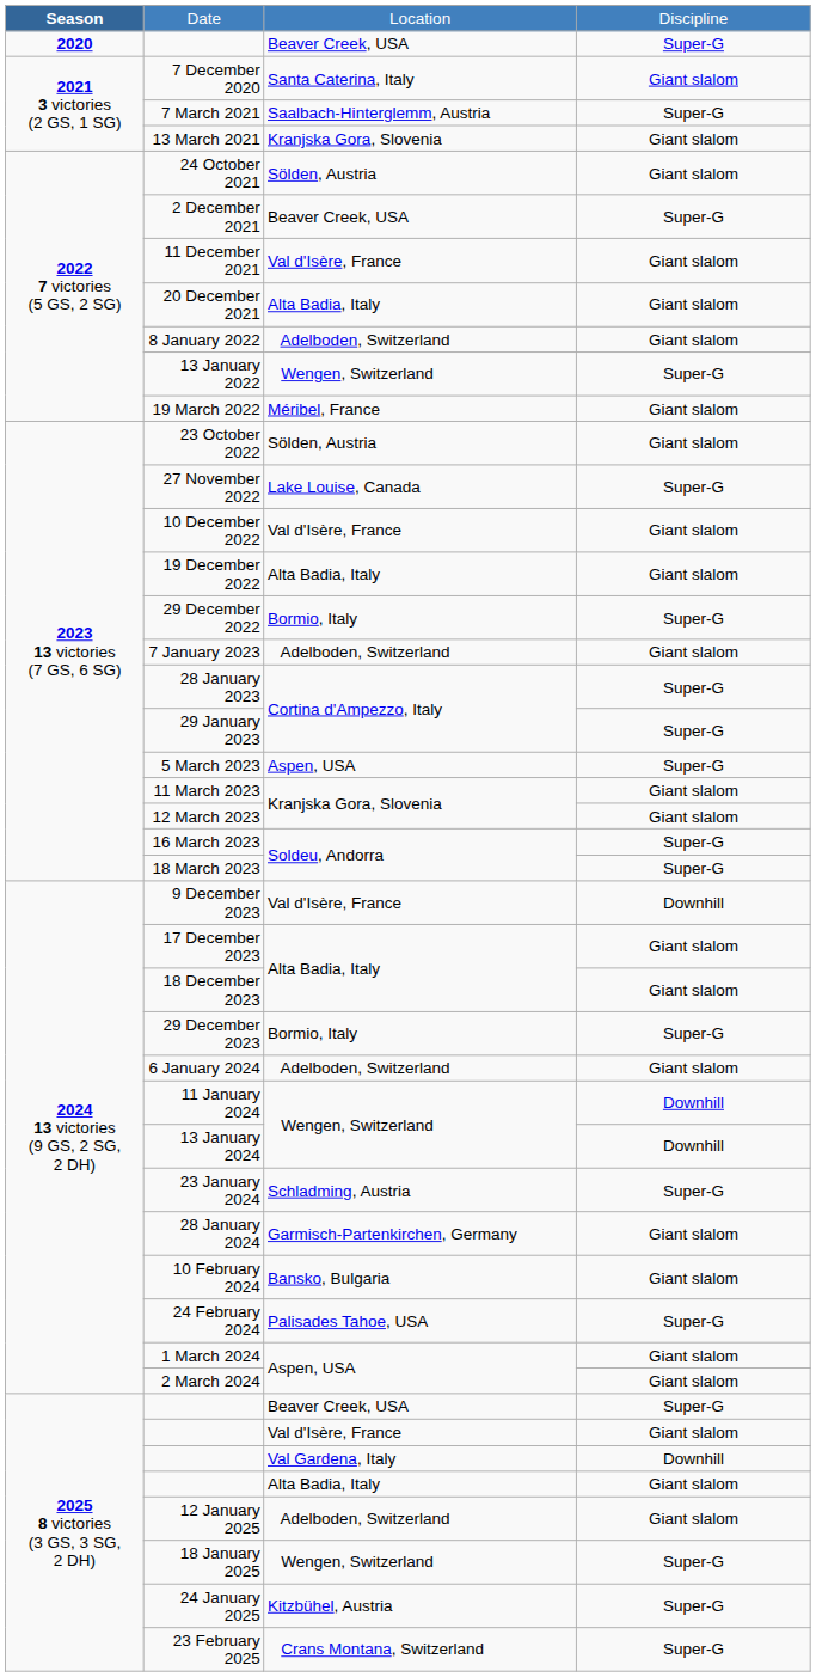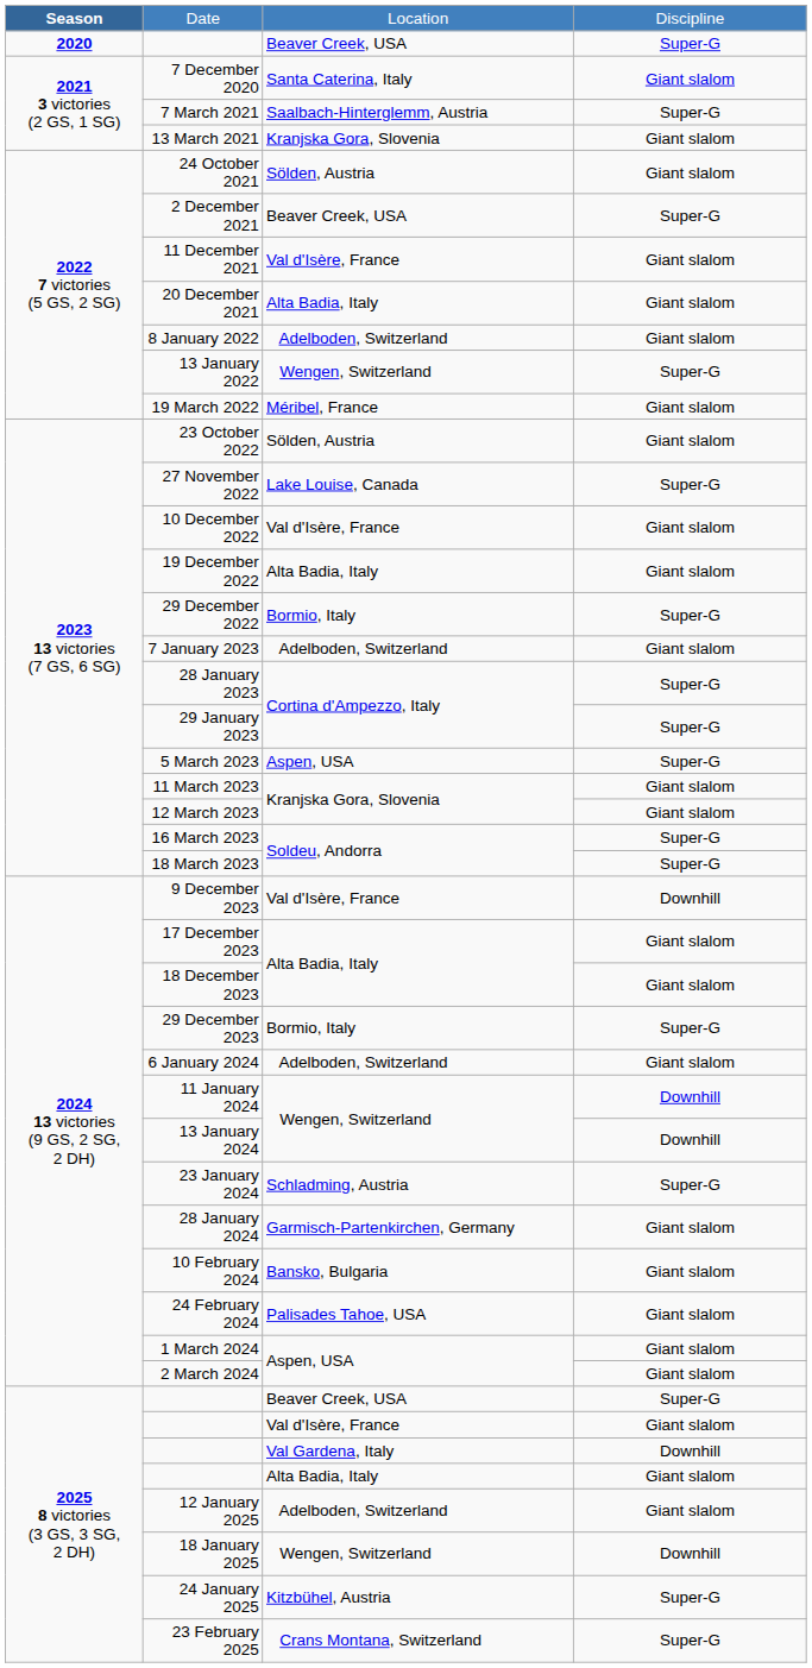 <table class="wikitable" style="font-size:95%; text-align:center; border:grey solid 1px; border-collapse:collapse;" width="60%">
 <tr style="background-color:#369; color:white;">
 <td rowspan="2" colspan="1" width="5%"><strong>Season</strong></td>
 </tr>
 <tr style="background-color:#4180be; color:white;">
 <td width="5%">Date</td>
 <td width="20%">Location</td>
 <td width="15%">Discipline</td>
 </tr>
 <tr>
 <td><strong><a href='#'>2020</a></strong><br></td>
 <td align=right></td>
 <td align=left> <a href='#'>Beaver Creek</a>, USA</td>
 <td><a href='#'>Super-G</a></td>
 </tr>
 <tr>
 <td rowspan="3"><strong><a href='#'>2021</a></strong><br><strong>3</strong> victories (2 GS, 1 SG)</td>
 <td align=right>7 December 2020</td>
 <td align=left> <a href='#'>Santa Caterina</a>, Italy</td>
 <td><a href='#'>Giant slalom</a></td>
 </tr>
 <tr>
 <td align=right>7 March 2021</td>
 <td align=left> <a href='#'>Saalbach-Hinterglemm</a>, Austria</td>
 <td>Super-G</td>
 </tr>
 <tr>
 <td align=right>13 March 2021</td>
 <td align=left> <a href='#'>Kranjska Gora</a>, Slovenia</td>
 <td>Giant slalom</td>
 </tr>
 <tr>
 <td rowspan="7"><strong><a href='#'>2022</a></strong><br><strong>7</strong> victories (5 GS, 2 SG)</td>
 <td align=right>24 October 2021</td>
 <td align=left> <a href='#'>Sölden</a>, Austria</td>
 <td>Giant slalom</td>
 </tr>
 <tr>
 <td align=right>2 December 2021</td>
 <td align=left> Beaver Creek, USA</td>
 <td>Super-G</td>
 </tr>
 <tr>
 <td align=right>11 December 2021</td>
 <td align=left> <a href='#'>Val d'Isère</a>, France</td>
 <td>Giant slalom</td>
 </tr>
 <tr>
 <td align=right>20 December 2021</td>
 <td align=left> <a href='#'>Alta Badia</a>, Italy</td>
 <td>Giant slalom</td>
 </tr>
 <tr>
 <td align=right>8 January 2022</td>
 <td align=left>   <a href='#'>Adelboden</a>, Switzerland</td>
 <td>Giant slalom</td>
 </tr>
 <tr>
 <td align=right>13 January 2022</td>
 <td align=left>   <a href='#'>Wengen</a>, Switzerland</td>
 <td>Super-G</td>
 </tr>
 <tr>
 <td align=right>19 March 2022</td>
 <td align=left> <a href='#'>Méribel</a>, France</td>
 <td>Giant slalom</td>
 </tr>
 <tr>
 <td rowspan="13"><strong><a href='#'>2023</a></strong><br><strong>13</strong> victories (7 GS, 6 SG)</td>
 <td align=right>23 October 2022</td>
 <td align=left> Sölden, Austria</td>
 <td>Giant slalom</td>
 </tr>
 <tr>
 <td align=right>27 November 2022</td>
 <td align=left> <a href='#'>Lake Louise</a>, Canada</td>
 <td>Super-G</td>
 </tr>
 <tr>
 <td align=right>10 December 2022</td>
 <td align=left> Val d'Isère, France</td>
 <td>Giant slalom</td>
 </tr>
 <tr>
 <td align=right>19 December 2022</td>
 <td align=left> Alta Badia, Italy</td>
 <td>Giant slalom</td>
 </tr>
 <tr>
 <td align=right>29 December 2022</td>
 <td align=left> <a href='#'>Bormio</a>, Italy</td>
 <td>Super-G</td>
 </tr>
 <tr>
 <td align=right>7 January 2023</td>
 <td align=left>   Adelboden, Switzerland</td>
 <td>Giant slalom</td>
 </tr>
 <tr>
 <td align=right>28 January 2023</td>
 <td align=left rowspan="2"> <a href='#'>Cortina d'Ampezzo</a>, Italy</td>
 <td>Super-G</td>
 </tr>
 <tr>
 <td align=right>29 January 2023</td>
 <td>Super-G</td>
 </tr>
 <tr>
 <td align=right>5 March 2023</td>
 <td align=left> <a href='#'>Aspen</a>, USA</td>
 <td>Super-G</td>
 </tr>
 <tr>
 <td align=right>11 March 2023</td>
 <td align=left rowspan="2"> Kranjska Gora, Slovenia</td>
 <td>Giant slalom</td>
 </tr>
 <tr>
 <td align=right>12 March 2023</td>
 <td>Giant slalom</td>
 </tr>
 <tr>
 <td align=right>16 March 2023</td>
 <td align=left rowspan="2"> <a href='#'>Soldeu</a>, Andorra</td>
 <td>Super-G</td>
 </tr>
 <tr>
 <td align=right>18 March 2023</td>
 <td>Super-G</td>
 </tr>
 <tr>
 <td rowspan="13"><strong><a href='#'>2024</a></strong><br><strong>13</strong> victories (9 GS, 2 SG, 2 DH)</td>
 <td align=right>9 December 2023</td>
 <td align=left> Val d'Isère, France</td>
 <td>Downhill</td>
 </tr>
 <tr>
 <td align=right>17 December 2023</td>
 <td align=left rowspan="2"> Alta Badia, Italy</td>
 <td>Giant slalom</td>
 </tr>
 <tr>
 <td align=right>18 December 2023</td>
 <td>Giant slalom</td>
 </tr>
 <tr>
 <td align=right>29 December 2023</td>
 <td align=left> Bormio, Italy</td>
 <td>Super-G</td>
 </tr>
 <tr>
 <td align=right>6 January 2024</td>
 <td align=left>   Adelboden, Switzerland</td>
 <td>Giant slalom</td>
 </tr>
 <tr>
 <td align=right>11 January 2024</td>
 <td align=left rowspan="2">   Wengen, Switzerland</td>
 <td><a href='#'>Downhill</a></td>
 </tr>
 <tr>
 <td align=right>13 January 2024</td>
 <td>Downhill</td>
 </tr>
 <tr>
 <td align=right>23 January 2024</td>
 <td align=left> <a href='#'>Schladming</a>, Austria</td>
 <td>Super-G</td>
 </tr>
 <tr>
 <td align=right>28 January 2024</td>
 <td align=left> <a href='#'>Garmisch-Partenkirchen</a>, Germany</td>
 <td>Giant slalom</td>
 </tr>
 <tr>
 <td align=right>10 February 2024</td>
 <td align=left> <a href='#'>Bansko</a>, Bulgaria</td>
 <td>Giant slalom</td>
 </tr>
 <tr>
 <td align=right>24 February 2024</td>
 <td align=left> <a href='#'>Palisades Tahoe</a>, USA</td>
-<td>Super-G</td>
+<td>Giant slalom</td>
 </tr>
 <tr>
 <td align=right>1 March 2024</td>
 <td align=left rowspan="2"> Aspen, USA</td>
 <td>Giant slalom</td>
 </tr>
 <tr>
 <td align=right>2 March 2024</td>
 <td>Giant slalom</td>
 </tr>
 <tr>
 <td rowspan="8"><strong><a href='#'>2025</a></strong><br><strong>8</strong> victories<br> (3 GS, 3 SG, 2 DH)</td>
 <td align=right></td>
 <td align=left> Beaver Creek, USA</td>
 <td>Super-G</td>
 </tr>
 <tr>
 <td align=right></td>
 <td align=left> Val d'Isère, France</td>
 <td>Giant slalom</td>
 </tr>
 <tr>
 <td align=right></td>
 <td align=left> <a href='#'>Val Gardena</a>, Italy</td>
 <td>Downhill</td>
 </tr>
 <tr>
 <td align=right></td>
 <td align=left> Alta Badia, Italy</td>
 <td>Giant slalom</td>
 </tr>
 <tr>
 <td align=right>12 January 2025</td>
 <td align=left>   Adelboden, Switzerland</td>
 <td>Giant slalom</td>
 </tr>
 <tr>
 <td align=right>18 January 2025</td>
 <td align=left>   Wengen, Switzerland</td>
-<td>Super-G</td>
+<td>Downhill</td>
 </tr>
 <tr>
 <td align=right>24 January 2025</td>
 <td align=left> <a href='#'>Kitzbühel</a>, Austria</td>
 <td>Super-G</td>
 </tr>
 <tr>
 <td align=right>23 February 2025</td>
 <td align=left>   <a href='#'>Crans Montana</a>, Switzerland</td>
 <td>Super-G</td>
 </tr>
 </table>
